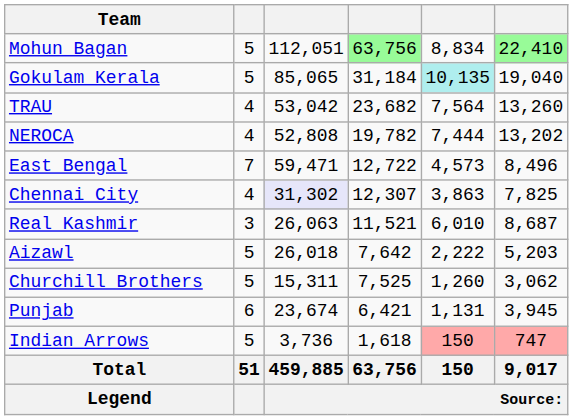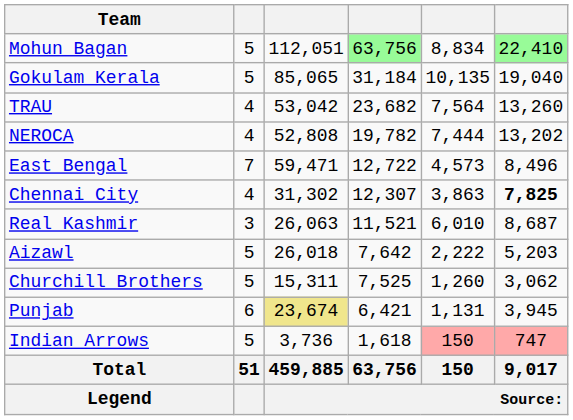 <table class="wikitable sortable">
 <tr>
 <th width=160>Team</th>
 <th></th>
 <th width=45></th>
 <th width=45></th>
 <th width=45></th>
 <th width=45></th>
 </tr>
 <tr>
 <td><a href='#'>Mohun Bagan</a></td>
 <td align=center>5</td>
 <td align=center>112,051</td>
 <td align=center bgcolor="#98FB98">63,756</td>
 <td align=center>8,834</td>
 <td align=center bgcolor="#98FB98">22,410<br></td>
 </tr>
 <tr>
 <td><a href='#'>Gokulam Kerala</a></td>
 <td align="center">5</td>
 <td align="center">85,065</td>
 <td align="center">31,184</td>
-<td align="center" style="background: paleturquoise;">10,135</td>
+<td align="center">10,135</td>
 <td align="center">19,040<br></td>
 </tr>
 <tr>
 <td><a href='#'>TRAU</a></td>
 <td align=center>4</td>
 <td align=center>53,042</td>
 <td align=center>23,682</td>
 <td align=center>7,564</td>
 <td align=center>13,260<br></td>
 </tr>
 <tr>
 <td><a href='#'>NEROCA</a></td>
 <td align=center>4</td>
 <td align=center>52,808</td>
 <td align=center>19,782</td>
 <td align=center>7,444</td>
 <td align=center>13,202<br></td>
 </tr>
 <tr>
 <td><a href='#'>East Bengal</a></td>
 <td align="center">7</td>
 <td align="center">59,471</td>
 <td align="center">12,722</td>
 <td align="center">4,573</td>
 <td align="center">8,496<br></td>
 </tr>
 <tr>
 <td><a href='#'>Chennai City</a></td>
 <td align=center>4</td>
-<td align=center style="background: lavender;">31,302</td>
+<td align=center>31,302</td>
 <td align=center>12,307</td>
 <td align=center>3,863</td>
-<td align=center>7,825<br></td>
+<td align=center><strong>7,825<br></strong></td>
 </tr>
 <tr>
 <td><a href='#'>Real Kashmir</a></td>
 <td align=center>3</td>
 <td align=center>26,063</td>
 <td align=center>11,521</td>
 <td align=center>6,010</td>
 <td align=center>8,687<br></td>
 </tr>
 <tr>
 <td><a href='#'>Aizawl</a></td>
 <td align=center>5</td>
 <td align=center>26,018</td>
 <td align=center>7,642</td>
 <td align=center>2,222</td>
 <td align=center>5,203<br></td>
 </tr>
 <tr>
 <td><a href='#'>Churchill Brothers</a></td>
 <td align=center>5</td>
 <td align=center>15,311</td>
 <td align=center>7,525</td>
 <td align=center>1,260</td>
 <td align=center>3,062<br></td>
 </tr>
 <tr>
 <td><a href='#'>Punjab</a></td>
 <td align=center>6</td>
-<td align=center>23,674</td>
+<td align=center style="background: khaki;">23,674</td>
 <td align=center>6,421</td>
 <td align=center>1,131</td>
 <td align=center>3,945<br></td>
 </tr>
 <tr>
 <td><a href='#'>Indian Arrows</a></td>
 <td align=center>5</td>
 <td align=center>3,736</td>
 <td align=center>1,618</td>
 <td align="center" bgcolor="#FFA9A9">150</td>
 <td align=center bgcolor="#FFA9A9">747<br></td>
 </tr>
 <tr>
 <th>Total</th>
 <th align=center>51</th>
 <th align="center">459,885</th>
 <th align="center">63,756</th>
 <th align="center">150</th>
 <th align="center">9,017</th>
 </tr>
 <tr>
 <th>Legend</th>
 <th><br></th>
 <th colspan="4" style="text-align:right;"><small>Source:</small></th>
 </tr>
 </table>
